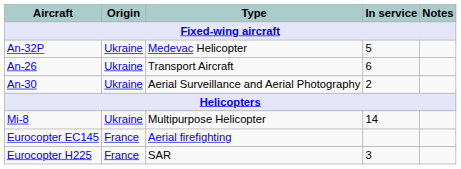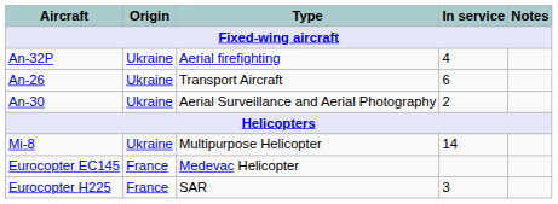 <table class="wikitable">
 <tr>
 <th style="text-align:center; background:#acc;">Aircraft</th>
 <th style="text-align: center; background:#acc;">Origin</th>
 <th style="text-align:l center; background:#acc;">Type</th>
 <th style="text-align:center; background:#acc;">In service</th>
 <th style="text-align: center; background:#acc;">Notes</th>
 </tr>
 <tr>
 <th style="align: center; background: lavender;" colspan="7"><a href='#'>Fixed-wing aircraft</a></th>
 </tr>
 <tr>
 <td><a href='#'>An-32P</a></td>
 <td><a href='#'>Ukraine</a></td>
-<td><a href='#'>Medevac</a> Helicopter</td>
-<td>5</td>
+<td><a href='#'>Aerial firefighting</a></td>
+<td>4</td>
 <td></td>
 </tr>
 <tr>
 <td><a href='#'>An-26</a></td>
 <td><a href='#'>Ukraine</a></td>
 <td>Transport Aircraft</td>
 <td>6</td>
 <td></td>
 </tr>
 <tr>
 <td><a href='#'>An-30</a></td>
 <td><a href='#'>Ukraine</a></td>
 <td>Aerial Surveillance and Aerial Photography</td>
 <td>2</td>
 <td></td>
 </tr>
 <tr>
 <th style="align: center; background: lavender;" colspan="7"><a href='#'>Helicopters</a></th>
 </tr>
 <tr>
 <td><a href='#'>Mi-8</a></td>
 <td><a href='#'>Ukraine</a></td>
 <td>Multipurpose Helicopter</td>
 <td>14</td>
 <td></td>
 </tr>
 <tr>
 <td><a href='#'>Eurocopter EC145</a></td>
 <td><a href='#'>France</a></td>
-<td><a href='#'>Aerial firefighting</a></td>
+<td><a href='#'>Medevac</a> Helicopter</td>
 <td></td>
 <td></td>
 </tr>
 <tr>
 <td><a href='#'>Eurocopter H225</a></td>
 <td><a href='#'>France</a></td>
 <td>SAR</td>
 <td>3</td>
 <td></td>
 </tr>
 </table>
